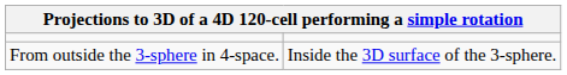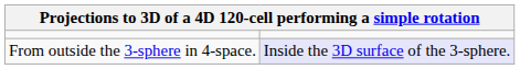 <table class="wikitable">
 <tr>
 <th colspan=2>Projections to 3D of a 4D 120-cell performing a <a href='#'>simple rotation</a></th>
 </tr>
 <tr>
 <td align=center></td>
 <td align=center></td>
 </tr>
 <tr>
 <td>From outside the <a href='#'>3-sphere</a> in 4-space.</td>
-<td>Inside the <a href='#'>3D surface</a> of the 3-sphere.</td>
+<td style="background: lavender;">Inside the <a href='#'>3D surface</a> of the 3-sphere.</td>
 </tr>
 </table>
